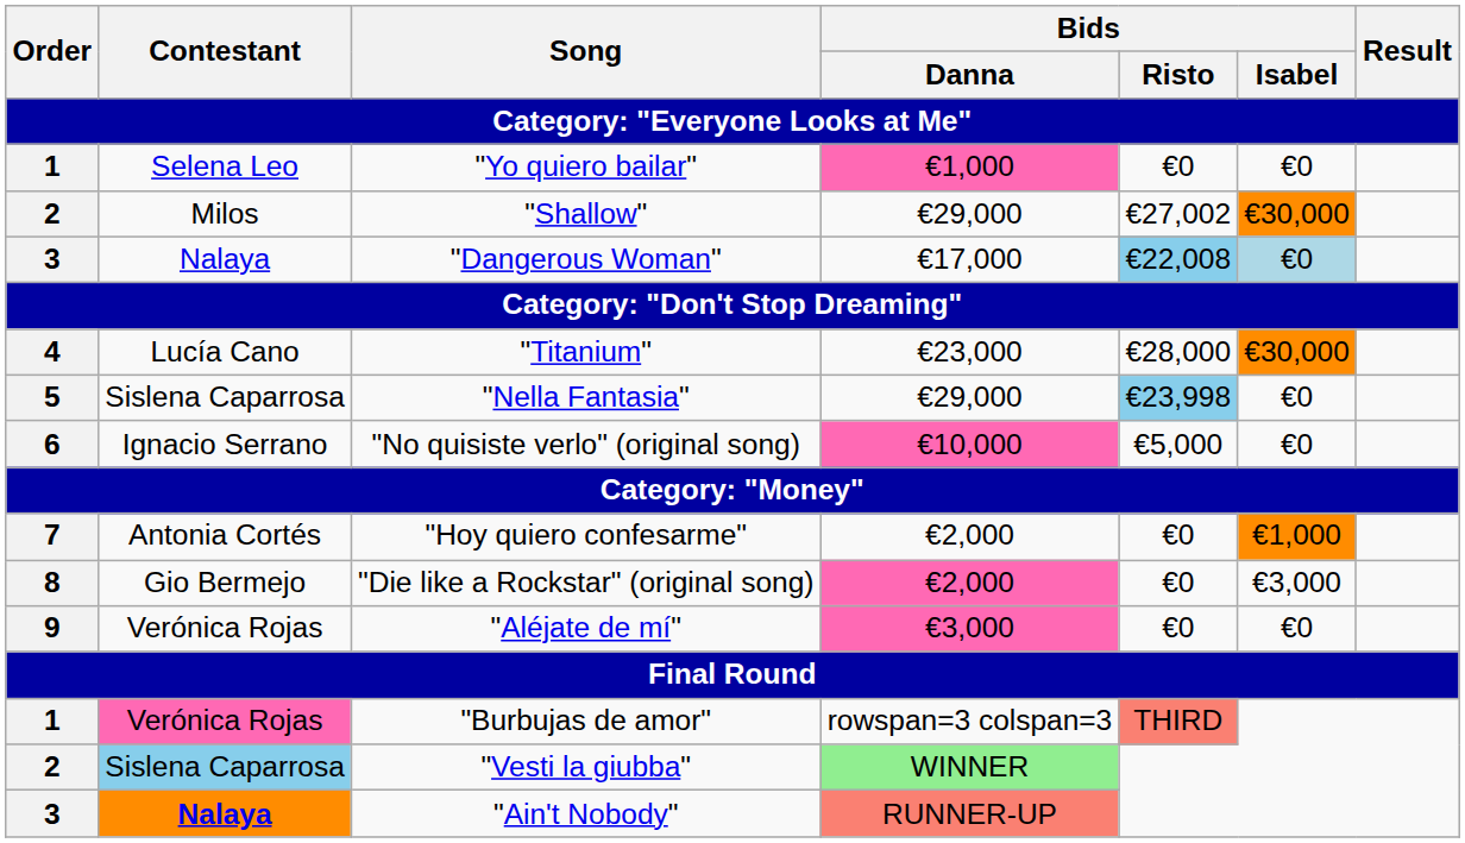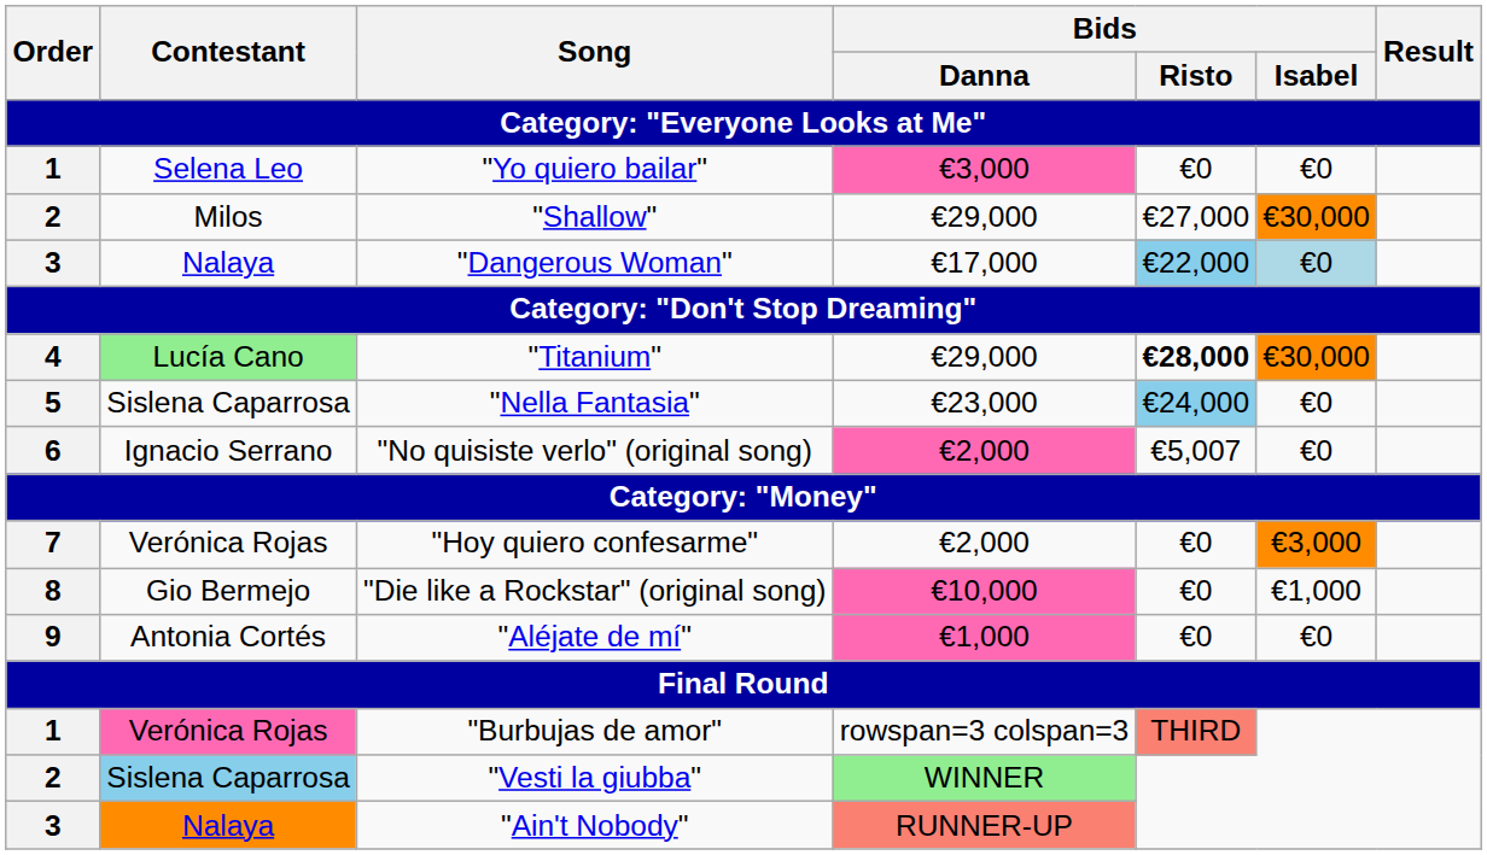 <table class=wikitable>
 <tr>
 <th rowspan=2>Order</th>
 <th rowspan=2>Contestant</th>
 <th rowspan=2>Song</th>
 <th colspan=3>Bids</th>
 <th rowspan=2>Result</th>
 </tr>
 <tr>
 <th>Danna</th>
 <th>Risto</th>
 <th>Isabel</th>
 </tr>
 <tr>
 <th scope="col" colspan="7" style="background:#0000A0; color:white;">Category: "Everyone Looks at Me"</th>
 </tr>
 <tr align=center>
 <th>1</th>
 <td><a href='#'>Selena Leo</a></td>
 <td>"<a href='#'>Yo quiero bailar</a>"</td>
-<td bgcolor=#ff69b4>€1,000</td>
+<td bgcolor=#ff69b4>€3,000</td>
 <td>€0</td>
 <td>€0</td>
 <td></td>
 </tr>
 <tr align=center>
 <th>2</th>
 <td>Milos</td>
 <td>"<a href='#'>Shallow</a>"</td>
 <td>€29,000</td>
-<td>€27,002</td>
+<td>€27,000</td>
 <td bgcolor=DarkOrange>€30,000</td>
 <td></td>
 </tr>
 <tr align=center>
 <th>3</th>
 <td><a href='#'>Nalaya</a></td>
 <td>"<a href='#'>Dangerous Woman</a>"</td>
 <td>€17,000</td>
-<td bgcolor=SkyBlue>€22,008</td>
+<td bgcolor=SkyBlue>€22,000</td>
 <td style="background: lightblue;">€0</td>
 <td></td>
 </tr>
 <tr>
 <th scope="col" colspan="7" style="background:#0000A0; color:white;">Category: "Don't Stop Dreaming"</th>
 </tr>
 <tr align=center>
 <th>4</th>
-<td>Lucía Cano</td>
+<td style="background: lightgreen;">Lucía Cano</td>
 <td>"<a href='#'>Titanium</a>"</td>
-<td>€23,000</td>
-<td>€28,000</td>
+<td>€29,000</td>
+<td><strong>€28,000</strong></td>
 <td bgcolor=DarkOrange>€30,000</td>
 <td></td>
 </tr>
 <tr align=center>
 <th>5</th>
 <td>Sislena Caparrosa</td>
 <td>"<a href='#'>Nella Fantasia</a>"</td>
-<td>€29,000</td>
-<td bgcolor=SkyBlue>€23,998</td>
+<td>€23,000</td>
+<td bgcolor=SkyBlue>€24,000</td>
 <td>€0</td>
 <td></td>
 </tr>
 <tr align=center>
 <th>6</th>
 <td>Ignacio Serrano</td>
 <td>"No quisiste verlo" (original song)</td>
-<td bgcolor=#ff69b4>€10,000</td>
-<td>€5,000</td>
+<td bgcolor=#ff69b4>€2,000</td>
+<td>€5,007</td>
 <td>€0</td>
 <td></td>
 </tr>
 <tr>
 <th scope="col" colspan="7" style="background:#0000A0; color:white;">Category: "Money"</th>
 </tr>
 <tr align=center>
 <th>7</th>
-<td>Antonia Cortés</td>
+<td>Verónica Rojas</td>
 <td>"Hoy quiero confesarme"</td>
 <td>€2,000</td>
 <td>€0</td>
-<td bgcolor=DarkOrange>€1,000</td>
+<td bgcolor=DarkOrange>€3,000</td>
 <td></td>
 </tr>
 <tr align=center>
 <th>8</th>
 <td>Gio Bermejo</td>
 <td>"Die like a Rockstar" (original song)</td>
-<td bgcolor=#ff69b4>€2,000</td>
+<td bgcolor=#ff69b4>€10,000</td>
 <td>€0</td>
-<td>€3,000</td>
+<td>€1,000</td>
 <td></td>
 </tr>
 <tr align=center>
 <th>9</th>
-<td>Verónica Rojas</td>
+<td>Antonia Cortés</td>
 <td>"<a href='#'>Aléjate de mí</a>"</td>
-<td bgcolor=#ff69b4>€3,000</td>
+<td bgcolor=#ff69b4>€1,000</td>
 <td>€0</td>
 <td>€0</td>
 <td></td>
 </tr>
 <tr>
 <th scope="col" colspan="7" style="background:#0000A0; color:white;">Final Round</th>
 </tr>
 <tr align=center>
 <th>1</th>
 <td bgcolor=#ff69b4>Verónica Rojas</td>
 <td>"Burbujas de amor"</td>
 <td>rowspan=3 colspan=3 </td>
 <td bgcolor=salmon>THIRD</td>
 </tr>
 <tr align=center>
 <th>2</th>
 <td bgcolor=SkyBlue>Sislena Caparrosa</td>
 <td>"<a href='#'>Vesti la giubba</a>"</td>
 <td bgcolor=lightgreen>WINNER</td>
 </tr>
 <tr align=center>
 <th>3</th>
-<td bgcolor=DarkOrange><strong><a href='#'>Nalaya</a></strong></td>
+<td bgcolor=DarkOrange><a href='#'>Nalaya</a></td>
 <td>"<a href='#'>Ain't Nobody</a>"</td>
 <td bgcolor=salmon>RUNNER-UP</td>
 </tr>
 </table>
